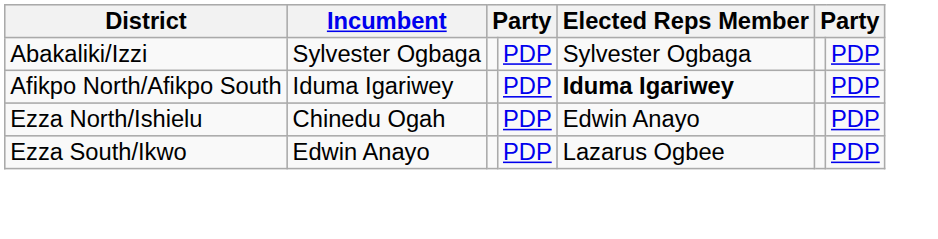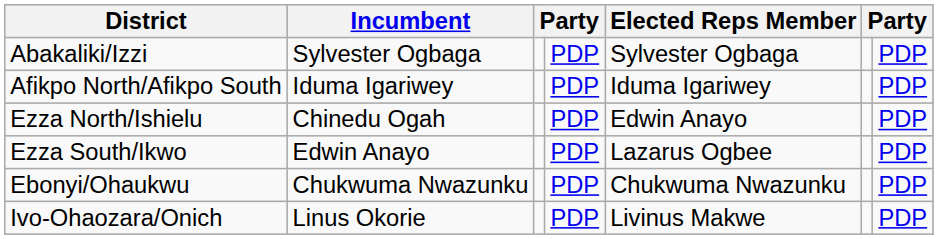 <table class="sortable wikitable" style="font-size:95%;line-height:14px;">
 <tr>
 <th class="unsortable">District</th>
 <th class="unsortable"><a href='#'>Incumbent</a></th>
 <th colspan="2">Party</th>
 <th class="unsortable">Elected Reps Member</th>
 <th colspan="2">Party</th>
 </tr>
 <tr>
 <td>Abakaliki/Izzi</td>
 <td>Sylvester Ogbaga</td>
 <td style="background-color:"></td>
 <td><a href='#'>PDP</a></td>
 <td>Sylvester Ogbaga</td>
 <td style="background-color:"></td>
 <td><a href='#'>PDP</a></td>
 </tr>
 <tr>
 <td>Afikpo North/Afikpo South</td>
 <td>Iduma Igariwey</td>
 <td style="background-color:"></td>
 <td><a href='#'>PDP</a></td>
-<td><strong>Iduma Igariwey</strong></td>
+<td>Iduma Igariwey</td>
 <td style="background-color:"></td>
 <td><a href='#'>PDP</a></td>
 </tr>
 <tr>
 <td>Ezza North/Ishielu</td>
 <td>Chinedu Ogah</td>
 <td style="background-color:"></td>
 <td><a href='#'>PDP</a></td>
 <td>Edwin Anayo</td>
 <td style="background-color:"></td>
 <td><a href='#'>PDP</a></td>
 </tr>
 <tr>
 <td>Ezza South/Ikwo</td>
 <td>Edwin Anayo</td>
 <td style="background-color:"></td>
 <td><a href='#'>PDP</a></td>
 <td>Lazarus Ogbee</td>
 <td style="background-color:"></td>
 <td><a href='#'>PDP</a></td>
 </tr>
+<tr>
+<td>Ebonyi/Ohaukwu</td>
+<td>Chukwuma Nwazunku</td>
+<td style="background-color:"></td>
+<td><a href='#'>PDP</a></td>
+<td>Chukwuma Nwazunku</td>
+<td style="background-color:"></td>
+<td><a href='#'>PDP</a></td>
+</tr>
+<tr>
+<td>Ivo-Ohaozara/Onich</td>
+<td>Linus Okorie</td>
+<td style="background-color:"></td>
+<td><a href='#'>PDP</a></td>
+<td>Livinus Makwe</td>
+<td style="background-color:"></td>
+<td><a href='#'>PDP</a></td>
+</tr>
 </table>
